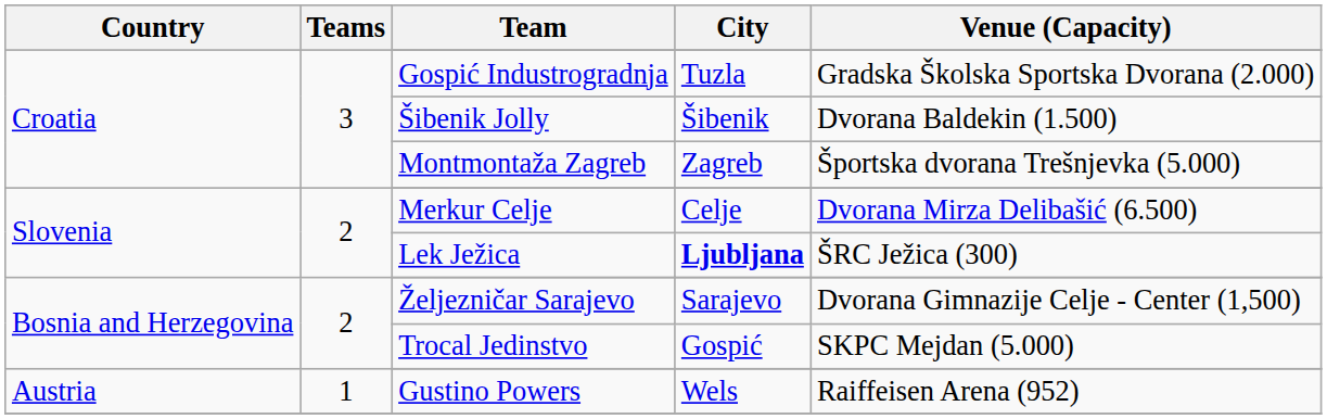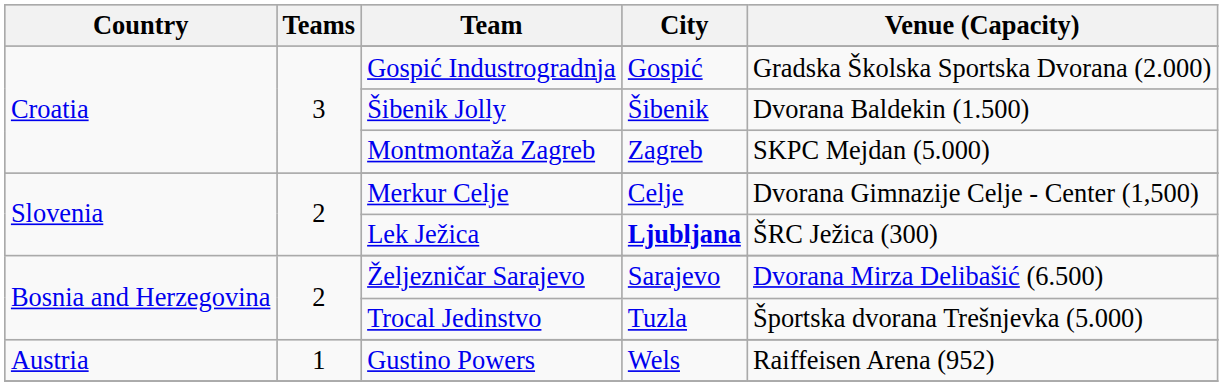 <table class="wikitable">
 <tr>
 <th>Country</th>
 <th>Teams</th>
 <th>Team</th>
 <th>City</th>
 <th>Venue (Capacity)</th>
 </tr>
 <tr>
 <td rowspan=4> <a href='#'>Croatia</a></td>
 <td align=center rowspan=4>3</td>
 </tr>
 <tr>
 <td><a href='#'>Gospić Industrogradnja</a></td>
-<td><a href='#'>Tuzla</a></td>
+<td><a href='#'>Gospić</a></td>
 <td>Gradska Školska Sportska Dvorana (2.000)</td>
 </tr>
 <tr>
 <td><a href='#'>Šibenik Jolly</a></td>
 <td><a href='#'>Šibenik</a></td>
 <td>Dvorana Baldekin (1.500)</td>
 </tr>
 <tr>
 <td><a href='#'>Montmontaža Zagreb</a></td>
 <td><a href='#'>Zagreb</a></td>
-<td>Športska dvorana Trešnjevka (5.000)</td>
+<td>SKPC Mejdan (5.000)</td>
 </tr>
 <tr>
 <td rowspan=3> <a href='#'>Slovenia</a></td>
 <td align=center rowspan=3>2</td>
 </tr>
 <tr>
 <td><a href='#'>Merkur Celje</a></td>
 <td><a href='#'>Celje</a></td>
-<td><a href='#'>Dvorana Mirza Delibašić</a> (6.500)</td>
+<td>Dvorana Gimnazije Celje - Center (1,500)</td>
 </tr>
 <tr>
 <td><a href='#'>Lek Ježica</a></td>
 <td><strong><a href='#'>Ljubljana</a></strong></td>
 <td>ŠRC Ježica (300)</td>
 </tr>
 <tr>
 <td rowspan=3> <a href='#'>Bosnia and Herzegovina</a></td>
 <td align=center rowspan=3>2</td>
 </tr>
 <tr>
 <td><a href='#'>Željezničar Sarajevo</a></td>
 <td><a href='#'>Sarajevo</a></td>
-<td>Dvorana Gimnazije Celje - Center (1,500)</td>
+<td><a href='#'>Dvorana Mirza Delibašić</a> (6.500)</td>
 </tr>
 <tr>
 <td><a href='#'>Trocal Jedinstvo</a></td>
-<td><a href='#'>Gospić</a></td>
-<td>SKPC Mejdan (5.000)</td>
+<td><a href='#'>Tuzla</a></td>
+<td>Športska dvorana Trešnjevka (5.000)</td>
 </tr>
 <tr>
 <td rowspan=2> <a href='#'>Austria</a></td>
 <td align=center rowspan=2>1</td>
 </tr>
 <tr>
 <td><a href='#'>Gustino Powers</a></td>
 <td><a href='#'>Wels</a></td>
 <td>Raiffeisen Arena (952)</td>
 </tr>
 <tr>
 </tr>
 </table>
